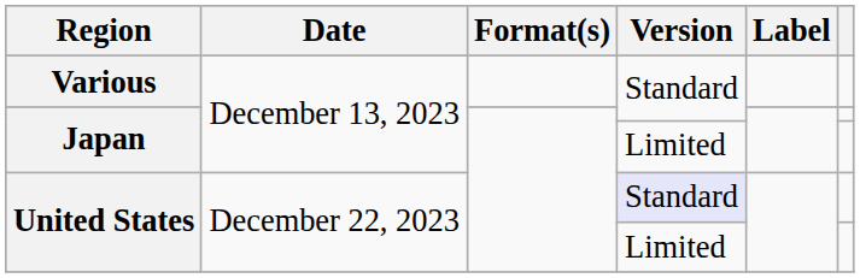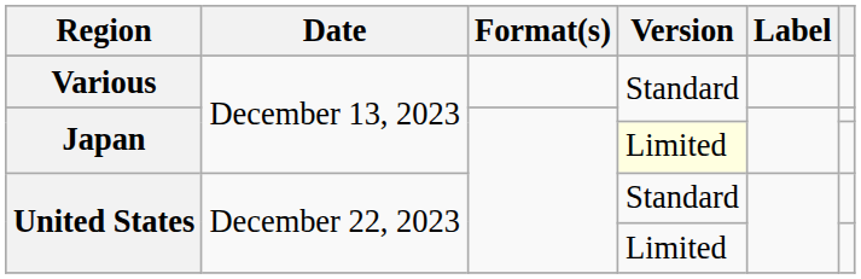 <table class="wikitable plainrowheaders">
 <tr>
 <th scope="col">Region</th>
 <th scope="col">Date</th>
 <th scope="col">Format(s)</th>
 <th scope="col">Version</th>
 <th scope="col">Label</th>
 <th scope="col"></th>
 </tr>
 <tr>
 <th scope="row">Various</th>
 <td rowspan="3">December 13, 2023</td>
 <td></td>
 <td rowspan="2">Standard</td>
 <td></td>
 <td align="center"></td>
 </tr>
 <tr>
 <th rowspan="2" scope="row">Japan</th>
 <td rowspan="4"></td>
 <td rowspan="2"></td>
 <td align="center"></td>
 </tr>
 <tr>
-<td>Limited</td>
+<td style="background: lightyellow;">Limited</td>
 <td align="center"></td>
 </tr>
 <tr>
 <th scope="row" rowspan="2">United States</th>
 <td rowspan="2">December 22, 2023</td>
-<td style="background: lavender;">Standard</td>
+<td>Standard</td>
 <td rowspan="2"></td>
 <td align="center"></td>
 </tr>
 <tr>
 <td>Limited</td>
 <td align="center"></td>
 </tr>
 </table>
